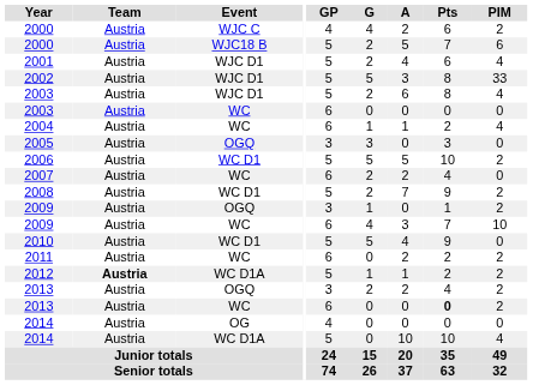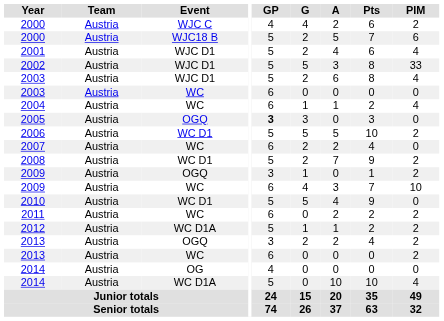 <table border="0" cellpadding="1" cellspacing="0" ID="Table3" style="text-align:center; width:40em">
 <tr ALIGN="center" bgcolor="#e0e0e0">
 <th>Year</th>
 <th>Team</th>
 <th>Event</th>
 <th rowspan="102" bgcolor="#ffffff"></th>
 <th>GP</th>
 <th>G</th>
 <th>A</th>
 <th>Pts</th>
 <th>PIM</th>
 </tr>
 <tr>
 <td><a href='#'>2000</a></td>
 <td><a href='#'>Austria</a></td>
 <td><a href='#'>WJC C</a></td>
 <td>4</td>
 <td>4</td>
 <td>2</td>
 <td>6</td>
 <td>2</td>
 </tr>
 <tr bgcolor="#f0f0f0">
 <td><a href='#'>2000</a></td>
 <td><a href='#'>Austria</a></td>
 <td><a href='#'>WJC18 B</a></td>
 <td>5</td>
 <td>2</td>
 <td>5</td>
 <td>7</td>
 <td>6</td>
 </tr>
 <tr>
 <td><a href='#'>2001</a></td>
 <td>Austria</td>
 <td>WJC D1</td>
 <td>5</td>
 <td>2</td>
 <td>4</td>
 <td>6</td>
 <td>4</td>
 </tr>
 <tr bgcolor="#f0f0f0">
 <td><a href='#'>2002</a></td>
 <td>Austria</td>
 <td>WJC D1</td>
 <td>5</td>
 <td>5</td>
 <td>3</td>
 <td>8</td>
 <td>33</td>
 </tr>
 <tr>
 <td><a href='#'>2003</a></td>
 <td>Austria</td>
 <td>WJC D1</td>
 <td>5</td>
 <td>2</td>
 <td>6</td>
 <td>8</td>
 <td>4</td>
 </tr>
 <tr bgcolor="#f0f0f0">
 <td><a href='#'>2003</a></td>
 <td><a href='#'>Austria</a></td>
 <td><a href='#'>WC</a></td>
 <td>6</td>
 <td>0</td>
 <td>0</td>
 <td>0</td>
 <td>0</td>
 </tr>
 <tr>
 <td><a href='#'>2004</a></td>
 <td>Austria</td>
 <td>WC</td>
 <td>6</td>
 <td>1</td>
 <td>1</td>
 <td>2</td>
 <td>4</td>
 </tr>
 <tr bgcolor="#f0f0f0">
 <td><a href='#'>2005</a></td>
 <td>Austria</td>
 <td><a href='#'>OGQ</a></td>
-<td>3</td>
+<td><strong>3</strong></td>
 <td>3</td>
 <td>0</td>
 <td>3</td>
 <td>0</td>
 </tr>
 <tr>
 <td><a href='#'>2006</a></td>
 <td>Austria</td>
 <td><a href='#'>WC D1</a></td>
 <td>5</td>
 <td>5</td>
 <td>5</td>
 <td>10</td>
 <td>2</td>
 </tr>
 <tr bgcolor="#f0f0f0">
 <td><a href='#'>2007</a></td>
 <td>Austria</td>
 <td>WC</td>
 <td>6</td>
 <td>2</td>
 <td>2</td>
 <td>4</td>
 <td>0</td>
 </tr>
 <tr>
 <td><a href='#'>2008</a></td>
 <td>Austria</td>
 <td>WC D1</td>
 <td>5</td>
 <td>2</td>
 <td>7</td>
 <td>9</td>
 <td>2</td>
 </tr>
 <tr bgcolor="#f0f0f0">
 <td><a href='#'>2009</a></td>
 <td>Austria</td>
 <td>OGQ</td>
 <td>3</td>
 <td>1</td>
 <td>0</td>
 <td>1</td>
 <td>2</td>
 </tr>
 <tr>
 <td><a href='#'>2009</a></td>
 <td>Austria</td>
 <td>WC</td>
 <td>6</td>
 <td>4</td>
 <td>3</td>
 <td>7</td>
 <td>10</td>
 </tr>
 <tr bgcolor="#f0f0f0">
 <td><a href='#'>2010</a></td>
 <td>Austria</td>
 <td>WC D1</td>
 <td>5</td>
 <td>5</td>
 <td>4</td>
 <td>9</td>
 <td>0</td>
 </tr>
 <tr>
 <td><a href='#'>2011</a></td>
 <td>Austria</td>
 <td>WC</td>
 <td>6</td>
 <td>0</td>
 <td>2</td>
 <td>2</td>
 <td>2</td>
 </tr>
 <tr bgcolor="#f0f0f0">
 <td><a href='#'>2012</a></td>
-<td><strong>Austria</strong></td>
+<td>Austria</td>
 <td>WC D1A</td>
 <td>5</td>
 <td>1</td>
 <td>1</td>
 <td>2</td>
 <td>2</td>
 </tr>
 <tr>
 <td><a href='#'>2013</a></td>
 <td>Austria</td>
 <td>OGQ</td>
 <td>3</td>
 <td>2</td>
 <td>2</td>
 <td>4</td>
 <td>2</td>
 </tr>
 <tr bgcolor="#f0f0f0">
 <td><a href='#'>2013</a></td>
 <td>Austria</td>
 <td>WC</td>
 <td>6</td>
 <td>0</td>
 <td>0</td>
-<td><strong>0</strong></td>
+<td>0</td>
 <td>2</td>
 </tr>
 <tr>
 <td><a href='#'>2014</a></td>
 <td>Austria</td>
 <td>OG</td>
 <td>4</td>
 <td>0</td>
 <td>0</td>
 <td>0</td>
 <td>0</td>
 </tr>
 <tr bgcolor="#f0f0f0">
 <td><a href='#'>2014</a></td>
 <td>Austria</td>
 <td>WC D1A</td>
 <td>5</td>
 <td>0</td>
 <td>10</td>
 <td>10</td>
 <td>4</td>
 </tr>
 <tr bgcolor="#e0e0e0">
 <th colspan=3>Junior totals</th>
 <th>24</th>
 <th>15</th>
 <th>20</th>
 <th>35</th>
 <th>49</th>
 </tr>
 <tr bgcolor="#e0e0e0">
 <th colspan=3>Senior totals</th>
 <th>74</th>
 <th>26</th>
 <th>37</th>
 <th>63</th>
 <th>32</th>
 </tr>
 </table>
